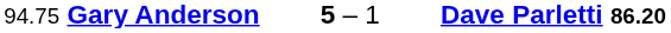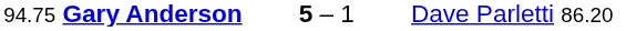 <table style="text-align:center">
 <tr>
 <th width=223></th>
 <th width=100></th>
 <th width=223></th>
 </tr>
 <tr>
 <td align=right><small>94.75</small> <strong><a href='#'>Gary Anderson</a></strong> </td>
 <td><strong>5</strong> – 1</td>
-<td align=left><strong> <a href='#'>Dave Parletti</a> <small>86.20</small></strong></td>
+<td align=left> <a href='#'>Dave Parletti</a> <small>86.20</small></td>
 </tr>
 <tr>
 <td align=right></td>
 <td></td>
 <td align=left></td>
 </tr>
 </table>
